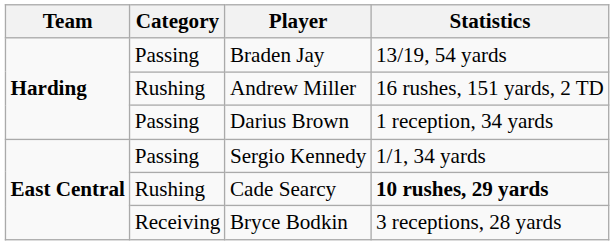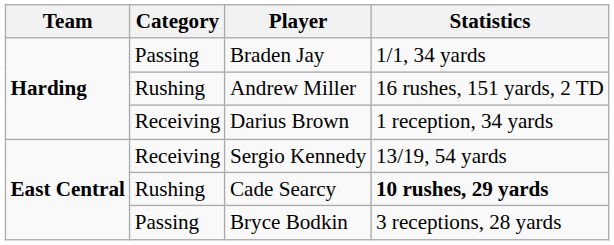 <table class="wikitable" style="float: right;">
 <tr>
 <th>Team</th>
 <th>Category</th>
 <th>Player</th>
 <th>Statistics</th>
 </tr>
 <tr>
 <td rowspan=3><strong>Harding</strong></td>
 <td>Passing</td>
 <td>Braden Jay</td>
-<td>13/19, 54 yards</td>
+<td>1/1, 34 yards</td>
 </tr>
 <tr>
 <td>Rushing</td>
 <td>Andrew Miller</td>
 <td>16 rushes, 151 yards, 2 TD</td>
 </tr>
 <tr>
-<td>Passing</td>
+<td>Receiving</td>
 <td>Darius Brown</td>
 <td>1 reception, 34 yards</td>
 </tr>
 <tr>
 <td rowspan=3><strong>East Central</strong></td>
-<td>Passing</td>
+<td>Receiving</td>
 <td>Sergio Kennedy</td>
-<td>1/1, 34 yards</td>
+<td>13/19, 54 yards</td>
 </tr>
 <tr>
 <td>Rushing</td>
 <td>Cade Searcy</td>
 <td><strong>10 rushes, 29 yards</strong></td>
 </tr>
 <tr>
-<td>Receiving</td>
+<td>Passing</td>
 <td>Bryce Bodkin</td>
 <td>3 receptions, 28 yards</td>
 </tr>
 </table>
